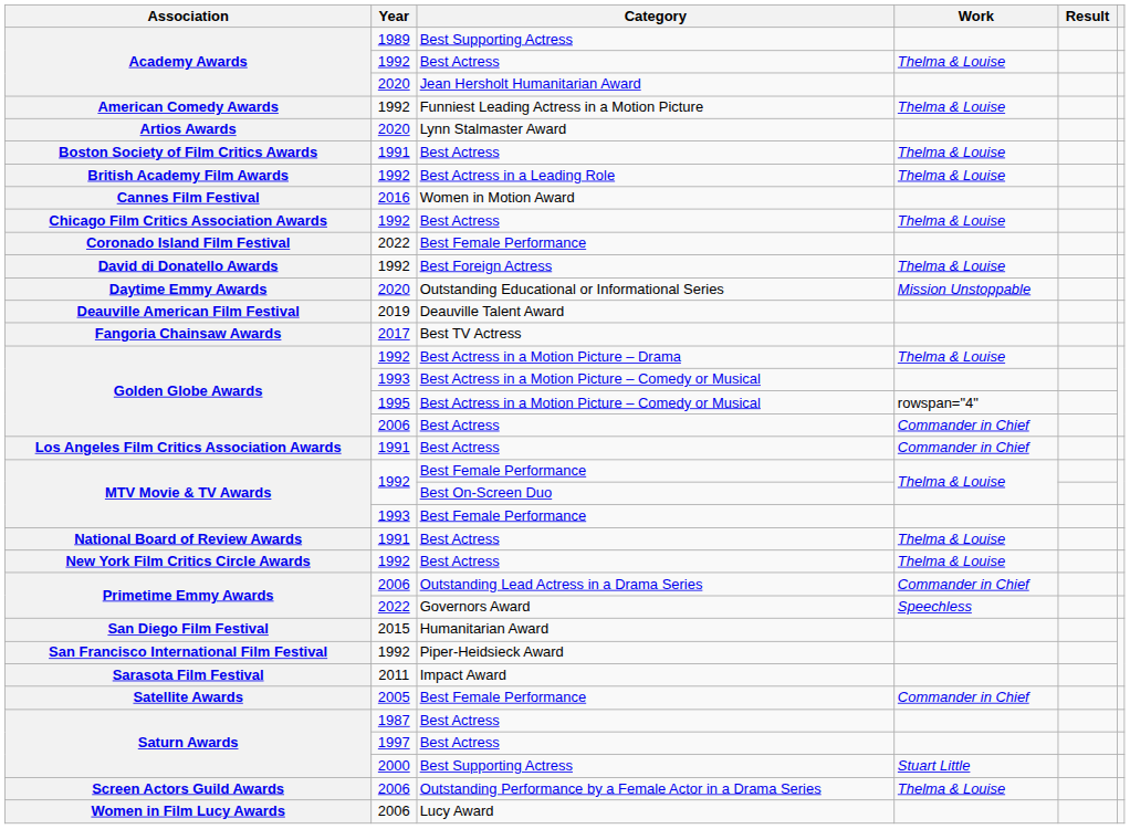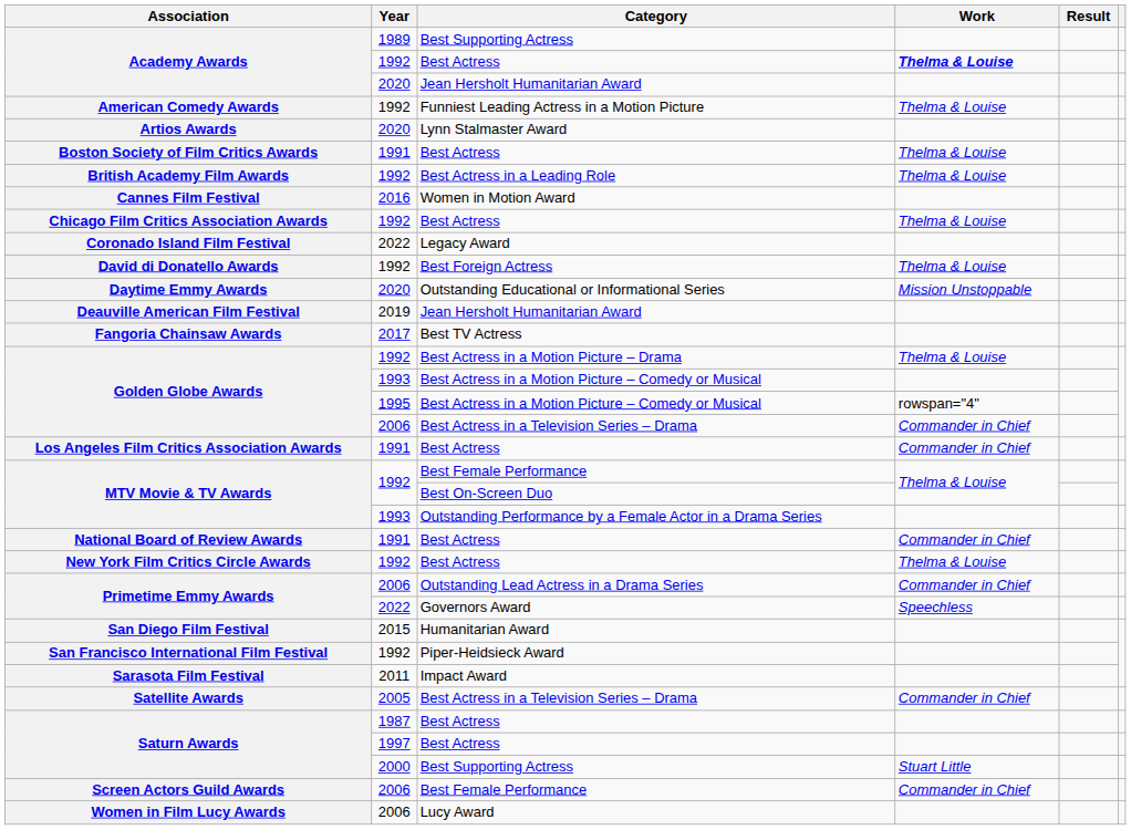 <table class="wikitable sortable plainrowheaders" style="width: 99%;">
 <tr style="background:#ccc; text-align:center;">
 <th scope="col">Association</th>
 <th scope="col">Year</th>
 <th scope="col">Category</th>
 <th scope="col">Work</th>
 <th scope="col">Result</th>
 <th scope="col"></th>
 </tr>
 <tr>
 <th scope="row" rowspan="3"><a href='#'>Academy Awards</a></th>
 <td style="text-align:center;"><a href='#'>1989</a></td>
 <td><a href='#'>Best Supporting Actress</a></td>
 <td></td>
 <td></td>
 <td style="text-align:center;"></td>
 </tr>
 <tr>
 <td style="text-align:center;"><a href='#'>1992</a></td>
 <td><a href='#'>Best Actress</a></td>
-<td><em><a href='#'>Thelma & Louise</a></em></td>
+<td><strong><em><a href='#'>Thelma & Louise</a></em></strong></td>
 <td></td>
 <td style="text-align:center;"></td>
 </tr>
 <tr>
 <td style="text-align:center;"><a href='#'>2020</a></td>
 <td><a href='#'>Jean Hersholt Humanitarian Award</a></td>
 <td></td>
 <td></td>
 <td style="text-align:center;"></td>
 </tr>
 <tr>
 <th scope="row"><a href='#'>American Comedy Awards</a></th>
 <td style="text-align:center;">1992</td>
 <td>Funniest Leading Actress in a Motion Picture</td>
 <td><em><a href='#'>Thelma & Louise</a></em></td>
 <td></td>
 <td style="text-align:center;"></td>
 </tr>
 <tr>
 <th scope="row"><a href='#'>Artios Awards</a></th>
 <td style="text-align:center;"><a href='#'>2020</a></td>
 <td>Lynn Stalmaster Award</td>
 <td></td>
 <td></td>
 <td style="text-align:center;"></td>
 </tr>
 <tr>
 <th scope="row"><a href='#'>Boston Society of Film Critics Awards</a></th>
 <td style="text-align:center;"><a href='#'>1991</a></td>
 <td><a href='#'>Best Actress</a></td>
 <td><em><a href='#'>Thelma & Louise</a></em></td>
 <td></td>
 <td style="text-align:center;"></td>
 </tr>
 <tr>
 <th scope="row"><a href='#'>British Academy Film Awards</a></th>
 <td style="text-align:center;"><a href='#'>1992</a></td>
 <td><a href='#'>Best Actress in a Leading Role</a></td>
 <td><em><a href='#'>Thelma & Louise</a></em></td>
 <td></td>
 <td style="text-align:center;"></td>
 </tr>
 <tr>
 <th scope="row"><a href='#'>Cannes Film Festival</a></th>
 <td style="text-align:center;"><a href='#'>2016</a></td>
 <td>Women in Motion Award</td>
 <td></td>
 <td></td>
 <td style="text-align:center;"></td>
 </tr>
 <tr>
 <th scope="row"><a href='#'>Chicago Film Critics Association Awards</a></th>
 <td style="text-align:center;"><a href='#'>1992</a></td>
 <td><a href='#'>Best Actress</a></td>
 <td><em><a href='#'>Thelma & Louise</a></em></td>
 <td></td>
 <td style="text-align:center;"></td>
 </tr>
 <tr>
 <th scope="row"><a href='#'>Coronado Island Film Festival</a></th>
 <td style="text-align:center;">2022</td>
-<td><a href='#'>Best Female Performance</a></td>
+<td>Legacy Award</td>
 <td></td>
 <td></td>
 <td style="text-align:center;"></td>
 </tr>
 <tr>
 <th scope="row"><a href='#'>David di Donatello Awards</a></th>
 <td style="text-align:center;">1992</td>
 <td><a href='#'>Best Foreign Actress</a></td>
 <td><em><a href='#'>Thelma & Louise</a></em></td>
 <td></td>
 <td style="text-align:center;"></td>
 </tr>
 <tr>
 <th scope="row"><a href='#'>Daytime Emmy Awards</a></th>
 <td style="text-align:center;"><a href='#'>2020</a></td>
 <td>Outstanding Educational or Informational Series</td>
 <td><em><a href='#'>Mission Unstoppable</a></em></td>
 <td></td>
 <td style="text-align:center;"></td>
 </tr>
 <tr>
 <th scope="row"><a href='#'>Deauville American Film Festival</a></th>
 <td style="text-align:center;">2019</td>
-<td>Deauville Talent Award</td>
+<td><a href='#'>Jean Hersholt Humanitarian Award</a></td>
 <td></td>
 <td></td>
 <td style="text-align:center;"></td>
 </tr>
 <tr>
 <th scope="row"><a href='#'>Fangoria Chainsaw Awards</a></th>
 <td style="text-align:center;"><a href='#'>2017</a></td>
 <td>Best TV Actress</td>
 <td></td>
 <td></td>
 <td style="text-align:center;"></td>
 </tr>
 <tr>
 <th scope="row" rowspan="4"><a href='#'>Golden Globe Awards</a></th>
 <td style="text-align:center;"><a href='#'>1992</a></td>
 <td><a href='#'>Best Actress in a Motion Picture – Drama</a></td>
 <td><em><a href='#'>Thelma & Louise</a></em></td>
 <td></td>
 <td style="text-align:center;" rowspan="4"></td>
 </tr>
 <tr>
 <td style="text-align:center;"><a href='#'>1993</a></td>
 <td><a href='#'>Best Actress in a Motion Picture – Comedy or Musical</a></td>
 <td></td>
 <td></td>
 </tr>
 <tr>
 <td style="text-align:center;"><a href='#'>1995</a></td>
 <td><a href='#'>Best Actress in a Motion Picture – Comedy or Musical</a></td>
 <td>rowspan="4" </td>
 <td></td>
 </tr>
 <tr>
 <td style="text-align:center;"><a href='#'>2006</a></td>
-<td><a href='#'>Best Actress</a></td>
+<td><a href='#'>Best Actress in a Television Series – Drama</a></td>
 <td><em><a href='#'>Commander in Chief</a></em></td>
 <td></td>
 </tr>
 <tr>
 <th scope="row"><a href='#'>Los Angeles Film Critics Association Awards</a></th>
 <td style="text-align:center;"><a href='#'>1991</a></td>
 <td><a href='#'>Best Actress</a></td>
 <td><em><a href='#'>Commander in Chief</a></em></td>
 <td></td>
 <td style="text-align:center;"></td>
 </tr>
 <tr>
 <th scope="row" rowspan="3"><a href='#'>MTV Movie & TV Awards</a></th>
 <td style="text-align:center;" rowspan="2"><a href='#'>1992</a></td>
 <td><a href='#'>Best Female Performance</a></td>
 <td rowspan="2"><em><a href='#'>Thelma & Louise</a></em></td>
 <td></td>
 <td style="text-align:center;" rowspan="2"></td>
 </tr>
 <tr>
 <td><a href='#'>Best On-Screen Duo</a></td>
 <td></td>
 </tr>
 <tr>
 <td style="text-align:center;"><a href='#'>1993</a></td>
-<td><a href='#'>Best Female Performance</a></td>
+<td><a href='#'>Outstanding Performance by a Female Actor in a Drama Series</a></td>
 <td></td>
 <td></td>
 <td style="text-align:center;"></td>
 </tr>
 <tr>
 <th scope="row"><a href='#'>National Board of Review Awards</a></th>
 <td style="text-align:center;"><a href='#'>1991</a></td>
 <td><a href='#'>Best Actress</a></td>
-<td><em><a href='#'>Thelma & Louise</a></em></td>
+<td><em><a href='#'>Commander in Chief</a></em></td>
 <td></td>
 <td style="text-align:center;"></td>
 </tr>
 <tr>
 <th scope="row"><a href='#'>New York Film Critics Circle Awards</a></th>
 <td style="text-align:center;"><a href='#'>1992</a></td>
 <td><a href='#'>Best Actress</a></td>
 <td><em><a href='#'>Thelma & Louise</a></em></td>
 <td></td>
 <td style="text-align:center;"></td>
 </tr>
 <tr>
 <th scope="row" rowspan="2"><a href='#'>Primetime Emmy Awards</a></th>
 <td style="text-align:center;"><a href='#'>2006</a></td>
 <td><a href='#'>Outstanding Lead Actress in a Drama Series</a></td>
 <td><em><a href='#'>Commander in Chief</a></em></td>
 <td></td>
 <td style="text-align:center;"></td>
 </tr>
 <tr>
 <td style="text-align:center;"><a href='#'>2022</a></td>
 <td>Governors Award</td>
 <td><em><a href='#'>Speechless</a></em></td>
 <td></td>
 <td style="text-align:center;"></td>
 </tr>
 <tr>
 <th scope="row"><a href='#'>San Diego Film Festival</a></th>
 <td style="text-align:center;">2015</td>
 <td>Humanitarian Award</td>
 <td></td>
 <td style="text-align:center;"></td>
 </tr>
 <tr>
 <th scope="row"><a href='#'>San Francisco International Film Festival</a></th>
 <td style="text-align:center;">1992</td>
 <td>Piper-Heidsieck Award</td>
 <td></td>
 <td style="text-align:center;"></td>
 </tr>
 <tr>
 <th scope="row"><a href='#'>Sarasota Film Festival</a></th>
 <td style="text-align:center;">2011</td>
 <td>Impact Award</td>
 <td></td>
 <td style="text-align:center;"></td>
 </tr>
 <tr>
 <th scope="row"><a href='#'>Satellite Awards</a></th>
 <td style="text-align:center;"><a href='#'>2005</a></td>
-<td><a href='#'>Best Female Performance</a></td>
+<td><a href='#'>Best Actress in a Television Series – Drama</a></td>
 <td><em><a href='#'>Commander in Chief</a></em></td>
 <td></td>
 <td style="text-align:center;"></td>
 </tr>
 <tr>
 <th scope="row" rowspan="3"><a href='#'>Saturn Awards</a></th>
 <td style="text-align:center;"><a href='#'>1987</a></td>
 <td><a href='#'>Best Actress</a></td>
 <td></td>
 <td></td>
 <td style="text-align:center;"></td>
 </tr>
 <tr>
 <td style="text-align:center;"><a href='#'>1997</a></td>
 <td><a href='#'>Best Actress</a></td>
 <td></td>
 <td></td>
 <td style="text-align:center;"></td>
 </tr>
 <tr>
 <td style="text-align:center;"><a href='#'>2000</a></td>
 <td><a href='#'>Best Supporting Actress</a></td>
 <td><em><a href='#'>Stuart Little</a></em></td>
 <td></td>
 <td style="text-align:center;"></td>
 </tr>
 <tr>
 <th scope="row"><a href='#'>Screen Actors Guild Awards</a></th>
 <td style="text-align:center;"><a href='#'>2006</a></td>
-<td><a href='#'>Outstanding Performance by a Female Actor in a Drama Series</a></td>
-<td><em><a href='#'>Thelma & Louise</a></em></td>
+<td><a href='#'>Best Female Performance</a></td>
+<td><em><a href='#'>Commander in Chief</a></em></td>
 <td></td>
 <td style="text-align:center;"></td>
 </tr>
 <tr>
 <th scope="row"><a href='#'>Women in Film Lucy Awards</a></th>
 <td style="text-align:center;">2006</td>
 <td>Lucy Award</td>
 <td></td>
 <td></td>
 <td style="text-align:center;"></td>
 </tr>
 </table>
